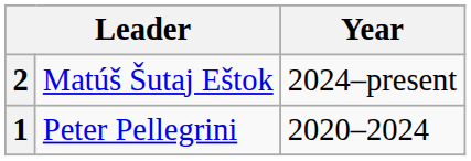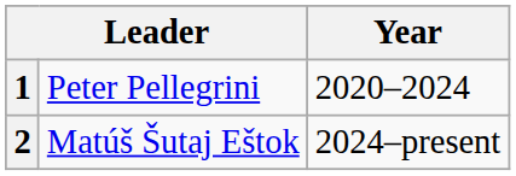 <table class="wikitable">
 <tr>
 <th colspan="2">Leader</th>
 <th>Year</th>
 </tr>
 <tr>
+<th style="background:">1</th>
+<td><a href='#'>Peter Pellegrini</a></td>
+<td>2020–2024</td>
+</tr>
+<tr>
 <th style="background:">2</th>
 <td><a href='#'>Matúš Šutaj Eštok</a></td>
 <td>2024–present</td>
 </tr>
-<tr>
-<th style="background:">1</th>
-<td><a href='#'>Peter Pellegrini</a></td>
-<td>2020–2024</td>
-</tr>
 </table>
